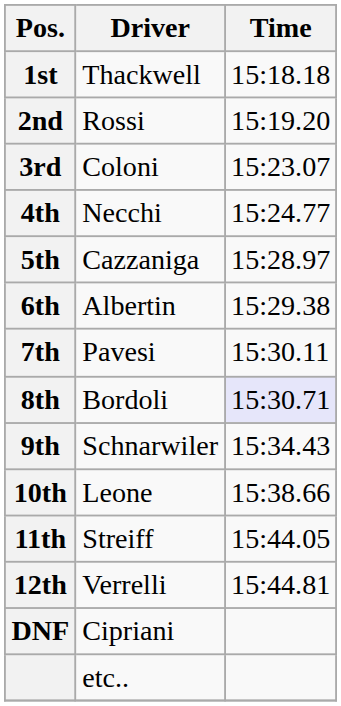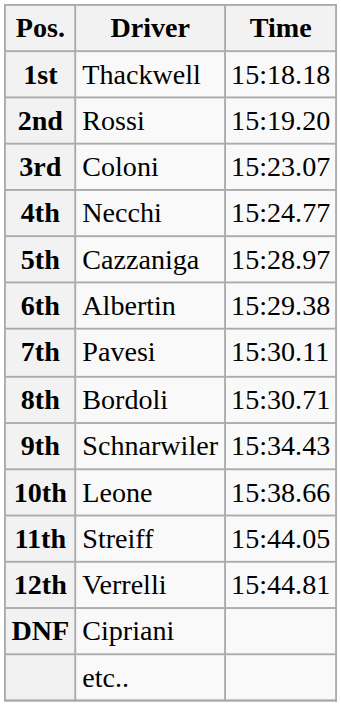 <table class="wikitable" style="font-size: 95%">
 <tr>
 <th>Pos.</th>
 <th>Driver</th>
 <th>Time</th>
 </tr>
 <tr>
 <th>1st</th>
 <td>Thackwell</td>
 <td>15:18.18</td>
 </tr>
 <tr>
 <th>2nd</th>
 <td>Rossi</td>
 <td>15:19.20</td>
 </tr>
 <tr>
 <th>3rd</th>
 <td>Coloni</td>
 <td>15:23.07</td>
 </tr>
 <tr>
 <th>4th</th>
 <td>Necchi</td>
 <td>15:24.77</td>
 </tr>
 <tr>
 <th>5th</th>
 <td>Cazzaniga</td>
 <td>15:28.97</td>
 </tr>
 <tr>
 <th>6th</th>
 <td>Albertin</td>
 <td>15:29.38</td>
 </tr>
 <tr>
 <th>7th</th>
 <td>Pavesi</td>
 <td>15:30.11</td>
 </tr>
 <tr>
 <th>8th</th>
 <td>Bordoli</td>
-<td style="background: lavender;">15:30.71</td>
+<td>15:30.71</td>
 </tr>
 <tr>
 <th>9th</th>
 <td>Schnarwiler</td>
 <td>15:34.43</td>
 </tr>
 <tr>
 <th>10th</th>
 <td>Leone</td>
 <td>15:38.66</td>
 </tr>
 <tr>
 <th>11th</th>
 <td>Streiff</td>
 <td>15:44.05</td>
 </tr>
 <tr>
 <th>12th</th>
 <td>Verrelli</td>
 <td>15:44.81</td>
 </tr>
 <tr>
 <th>DNF</th>
 <td>Cipriani</td>
 <td></td>
 </tr>
 <tr>
 <th></th>
 <td>etc..</td>
 <td></td>
 </tr>
 <tr>
 </tr>
 </table>
